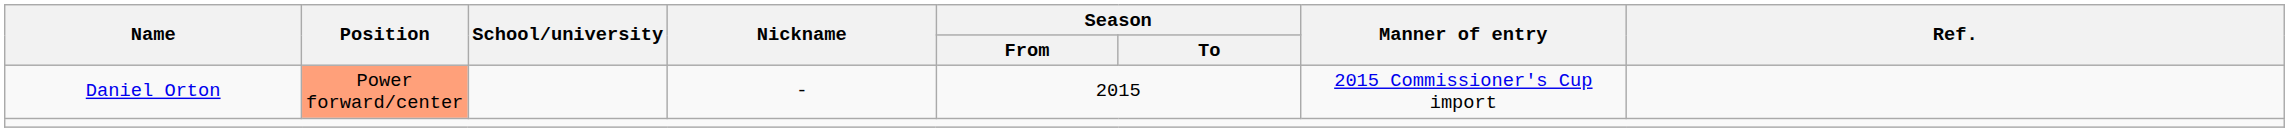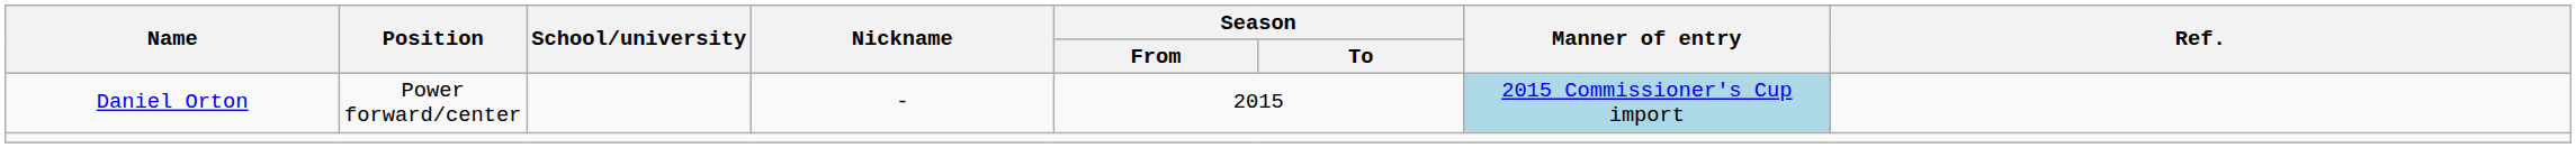 <table class="wikitable sortable" style="text-align:center" width="100%">
 <tr>
 <th style="width:200px;" rowspan="2">Name</th>
 <th style="width:80px;" rowspan="2">Position</th>
 <th style="width:130px;" rowspan="2">School/university</th>
 <th style="width:180px;" rowspan="2">Nickname</th>
 <th style="width:130px; text-align:center;" colspan="2">Season</th>
 <th style="width:220px; text-align:center;" rowspan="2">Manner of entry</th>
 <th rowspan="2"; class=unsortable>Ref.</th>
 </tr>
 <tr>
 <th style="width:8%; text-align:center;">From</th>
 <th style="width:8%; text-align:center;">To</th>
 </tr>
 <tr>
 <td><a href='#'>Daniel Orton</a></td>
-<td style="background: lightsalmon;">Power forward/center</td>
+<td>Power forward/center</td>
 <td></td>
 <td>-</td>
 <td colspan="2">2015</td>
-<td><a href='#'>2015 Commissioner's Cup</a> import</td>
+<td style="background: lightblue;"><a href='#'>2015 Commissioner's Cup</a> import</td>
 <td></td>
 </tr>
 <tr>
 <td colspan="8"></td>
 </tr>
 </table>
